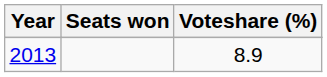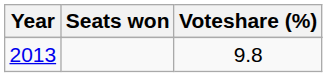 <table class="wikitable">
 <tr>
 <th style="background-color:">Year</th>
 <th style="background-color:">Seats won</th>
 <th style="background-color:">Voteshare (%)</th>
 </tr>
 <tr>
 </tr>
 <tr style="text-align:center;">
 <td><a href='#'>2013</a></td>
 <td></td>
-<td>8.9</td>
+<td>9.8</td>
 </tr>
 </table>
